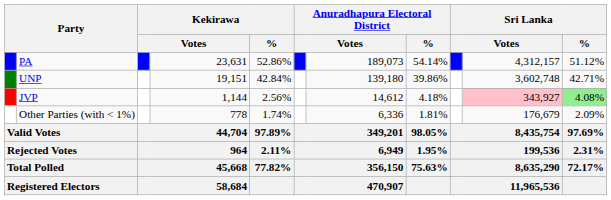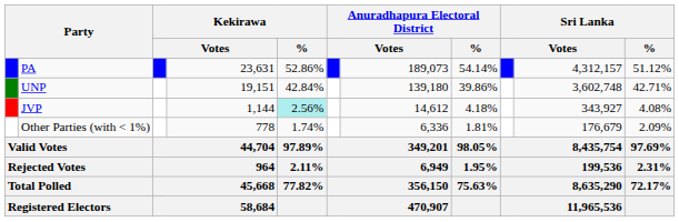 <table class="wikitable">
 <tr>
 <th colspan="2" width="144px"rowspan="2">Party</th>
 <th colspan="3" width="216px">Kekirawa</th>
 <th colspan="3" width="216px"><a href='#'>Anuradhapura Electoral District</a></th>
 <th colspan="3" width="216px">Sri Lanka</th>
 </tr>
 <tr>
 <th colspan="2" width="144px">Votes</th>
 <th>%</th>
 <th colspan="2" width="144px">Votes</th>
 <th>%</th>
 <th colspan="2" width="144px">Votes</th>
 <th>%</th>
 </tr>
 <tr>
 <td style="background-color:blue;" width="10px"></td>
 <td style="text-align:left;"><a href='#'>PA</a></td>
 <td style="background-color:blue;" width="10px"></td>
 <td style="text-align:right;">23,631</td>
 <td style="text-align:right;">52.86%</td>
 <td style="background-color:blue;" width="10px"></td>
 <td style="text-align:right;">189,073</td>
 <td style="text-align:right;">54.14%</td>
 <td style="background-color:blue;" width="10px"></td>
 <td style="text-align:right;">4,312,157</td>
 <td style="text-align:right;">51.12%</td>
 </tr>
 <tr>
 <td style="background-color:green;" width="10px"></td>
 <td style="text-align:left;"><a href='#'>UNP</a></td>
 <td style="background-color:white;" width="10px"></td>
 <td style="text-align:right;">19,151</td>
 <td style="text-align:right;">42.84%</td>
 <td style="background-color:white;" width="10px"></td>
 <td style="text-align:right;">139,180</td>
 <td style="text-align:right;">39.86%</td>
 <td style="background-color:white;" width="10px"></td>
 <td style="text-align:right;">3,602,748</td>
 <td style="text-align:right;">42.71%</td>
 </tr>
 <tr>
 <td style="background-color:red;" width="10px"></td>
 <td style="text-align:left;"><a href='#'>JVP</a></td>
 <td style="background-color:white;" width="10px"></td>
 <td style="text-align:right;">1,144</td>
-<td style="text-align:right;">2.56%</td>
+<td style="background: paleturquoise; text-align:right;">2.56%</td>
 <td style="background-color:white;" width="10px"></td>
 <td style="text-align:right;">14,612</td>
 <td style="text-align:right;">4.18%</td>
 <td style="background-color:white;" width="10px"></td>
-<td style="background: pink; text-align:right;">343,927</td>
-<td style="background: lightgreen; text-align:right;">4.08%</td>
+<td style="text-align:right;">343,927</td>
+<td style="text-align:right;">4.08%</td>
 </tr>
 <tr>
 <td style="background-color:white;" width="10px"></td>
 <td style="text-align:left;">Other Parties (with < 1%)</td>
 <td style="background-color:white;" width="10px"></td>
 <td style="text-align:right;">778</td>
 <td style="text-align:right;">1.74%</td>
 <td style="background-color:white;" width="10px"></td>
 <td style="text-align:right;">6,336</td>
 <td style="text-align:right;">1.81%</td>
 <td style="background-color:white;" width="10px"></td>
 <td style="text-align:right;">176,679</td>
 <td style="text-align:right;">2.09%</td>
 </tr>
 <tr>
 <th colspan="2" width="144px"style="text-align:left;">Valid Votes</th>
 <th style="text-align:right;"colspan="2" width="144px">44,704</th>
 <th style="text-align:right;">97.89%</th>
 <th style="text-align:right;"colspan="2" width="144px">349,201</th>
 <th style="text-align:right;">98.05%</th>
 <th style="text-align:right;"colspan="2" width="144px">8,435,754</th>
 <th style="text-align:right;">97.69%</th>
 </tr>
 <tr>
 <th colspan="2" width="144px"style="text-align:left;">Rejected Votes</th>
 <th style="text-align:right;"colspan="2" width="144px">964</th>
 <th style="text-align:right;">2.11%</th>
 <th style="text-align:right;"colspan="2" width="144px">6,949</th>
 <th style="text-align:right;">1.95%</th>
 <th style="text-align:right;"colspan="2" width="144px">199,536</th>
 <th style="text-align:right;">2.31%</th>
 </tr>
 <tr>
 <th colspan="2" width="144px"style="text-align:left;">Total Polled</th>
 <th style="text-align:right;"colspan="2" width="144px">45,668</th>
 <th style="text-align:right;">77.82%</th>
 <th style="text-align:right;"colspan="2" width="144px">356,150</th>
 <th style="text-align:right;">75.63%</th>
 <th style="text-align:right;"colspan="2" width="144px">8,635,290</th>
 <th style="text-align:right;">72.17%</th>
 </tr>
 <tr>
 <th colspan="2" width="144px"style="text-align:left;">Registered Electors</th>
 <th style="text-align:right;"colspan="2" width="144px">58,684</th>
 <th></th>
 <th style="text-align:right;"colspan="2" width="144px">470,907</th>
 <th></th>
 <th style="text-align:right;"colspan="2" width="144px">11,965,536</th>
 <th></th>
 </tr>
 </table>
